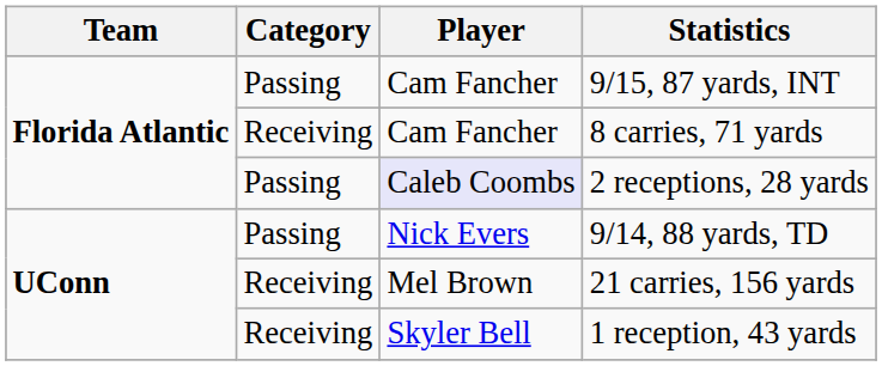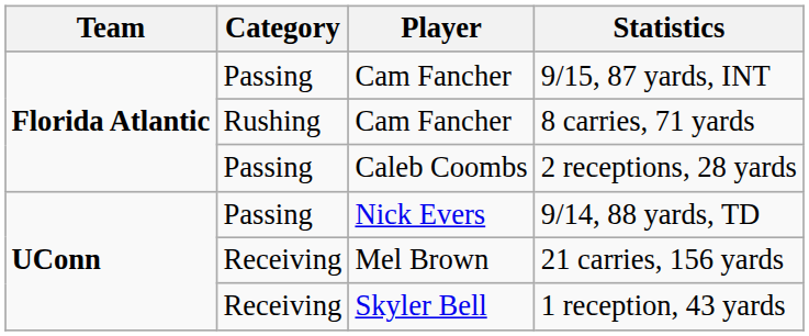 <table class="wikitable" style="float: right;">
 <tr>
 <th>Team</th>
 <th>Category</th>
 <th>Player</th>
 <th>Statistics</th>
 </tr>
 <tr>
 <td rowspan=3><strong>Florida Atlantic</strong></td>
 <td>Passing</td>
 <td>Cam Fancher</td>
 <td>9/15, 87 yards, INT</td>
 </tr>
 <tr>
-<td>Receiving</td>
+<td>Rushing</td>
 <td>Cam Fancher</td>
 <td>8 carries, 71 yards</td>
 </tr>
 <tr>
 <td>Passing</td>
-<td style="background: lavender;">Caleb Coombs</td>
+<td>Caleb Coombs</td>
 <td>2 receptions, 28 yards</td>
 </tr>
 <tr>
 <td rowspan=3><strong>UConn</strong></td>
 <td>Passing</td>
 <td><a href='#'>Nick Evers</a></td>
 <td>9/14, 88 yards, TD</td>
 </tr>
 <tr>
 <td>Receiving</td>
 <td>Mel Brown</td>
 <td>21 carries, 156 yards</td>
 </tr>
 <tr>
 <td>Receiving</td>
 <td><a href='#'>Skyler Bell</a></td>
 <td>1 reception, 43 yards</td>
 </tr>
 </table>
